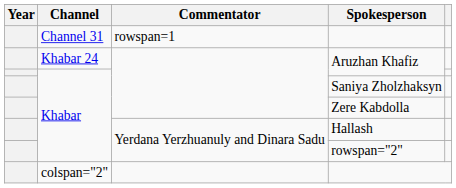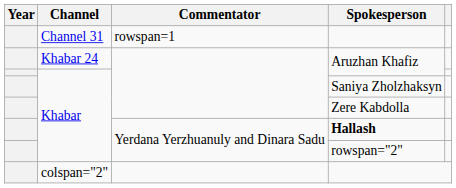 <table class="wikitable sortable plainrowheaders">
 <tr>
 <th scope="col">Year</th>
 <th scope="col">Channel</th>
 <th scope="col">Commentator</th>
 <th scope="col">Spokesperson</th>
 <th scope="col" class="unsortable"></th>
 </tr>
 <tr>
 <th scope="row"></th>
 <td><a href='#'>Channel 31</a></td>
 <td>rowspan=1 </td>
 <td></td>
 <td></td>
 </tr>
 <tr>
 <th scope="row"></th>
 <td><a href='#'>Khabar 24</a></td>
 <td rowspan="4"></td>
 <td rowspan="2">Aruzhan Khafiz</td>
 <td></td>
 </tr>
 <tr>
 <th scope="row"></th>
 <td rowspan="5"><a href='#'>Khabar</a></td>
 <td></td>
 </tr>
 <tr>
 <th scope="row"></th>
 <td>Saniya Zholzhaksyn</td>
 <td></td>
 </tr>
 <tr>
 <th scope="row"></th>
 <td>Zere Kabdolla</td>
 <td></td>
 </tr>
 <tr>
 <th scope="row"></th>
 <td rowspan="2">Yerdana Yerzhuanuly and Dinara Sadu</td>
-<td>Hallash</td>
+<td><strong>Hallash</strong></td>
 <td></td>
 </tr>
 <tr>
 <th scope="row"></th>
 <td>rowspan="2" </td>
 <td></td>
 </tr>
 <tr>
 <th scope="row"></th>
 <td>colspan="2" </td>
 <td></td>
 </tr>
 </table>
